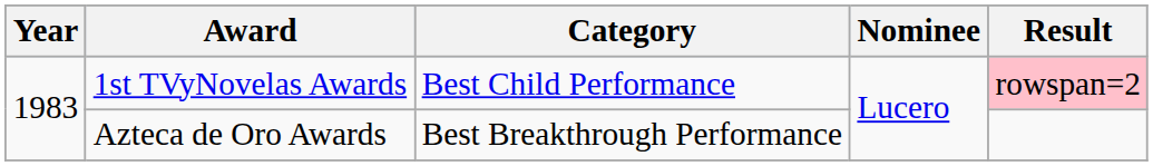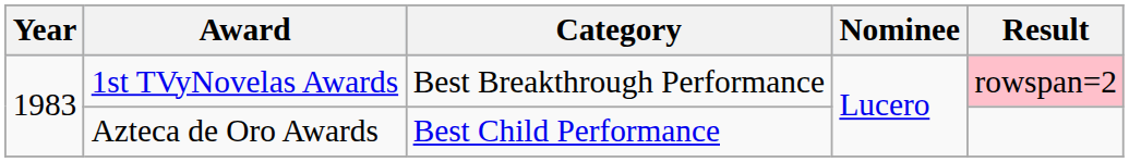 <table class="wikitable">
 <tr style="background:#b0c4de;">
 <th>Year</th>
 <th>Award</th>
 <th>Category</th>
 <th>Nominee</th>
 <th>Result</th>
 </tr>
 <tr>
 <td rowspan=2>1983</td>
 <td><a href='#'>1st TVyNovelas Awards</a></td>
-<td><a href='#'>Best Child Performance</a></td>
+<td>Best Breakthrough Performance</td>
 <td rowspan=2><a href='#'>Lucero</a></td>
 <td style="background: pink;">rowspan=2 </td>
 </tr>
 <tr>
 <td>Azteca de Oro Awards</td>
-<td>Best Breakthrough Performance</td>
+<td><a href='#'>Best Child Performance</a></td>
 </tr>
 </table>
